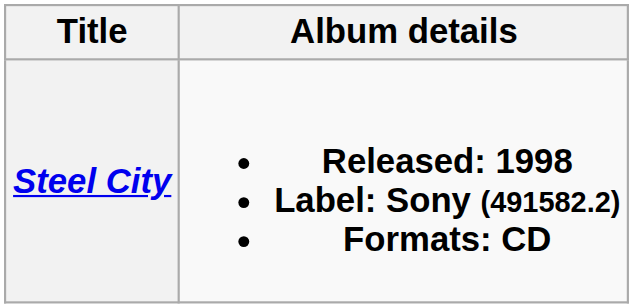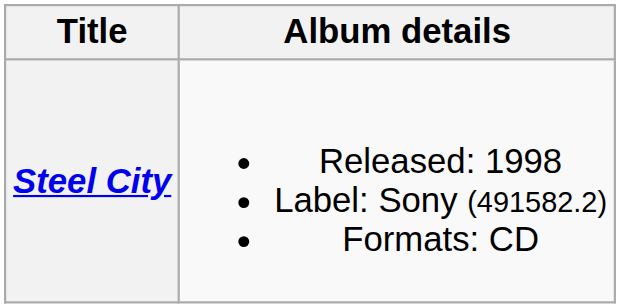 <table class="wikitable plainrowheaders" style="text-align:center;">
 <tr>
 <th scope="col">Title</th>
 <th scope="col">Album details</th>
 </tr>
 <tr>
 <th scope="row"><em><a href='#'>Steel City</a></em></th>
-<td><strong><br><ul><li>Released: 1998</li><li>Label: Sony <small>(491582.2)</small></li><li>Formats: CD</li></ul></strong></td>
+<td><br><ul><li>Released: 1998</li><li>Label: Sony <small>(491582.2)</small></li><li>Formats: CD</li></ul></td>
 </tr>
 </table>
